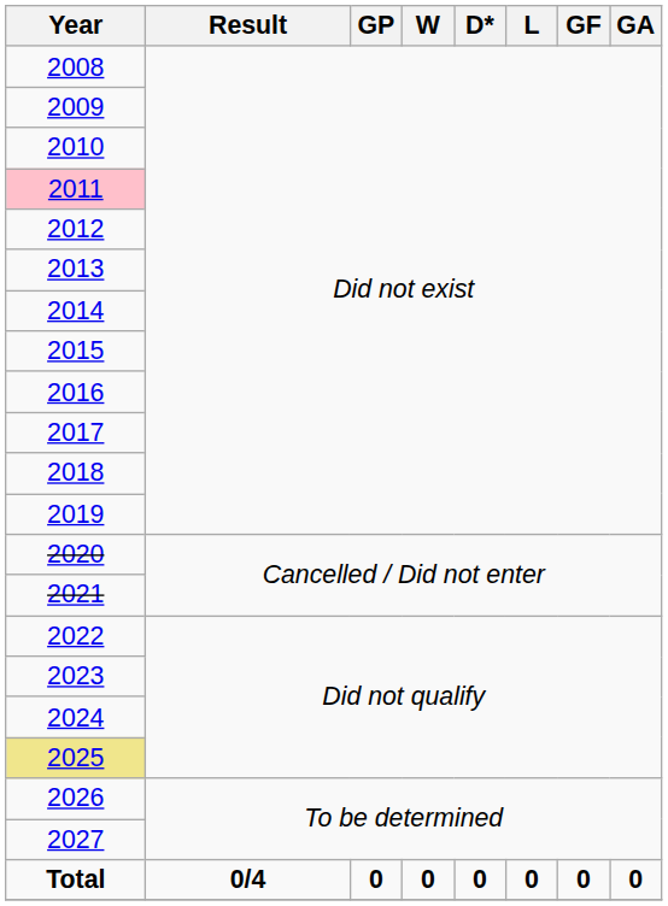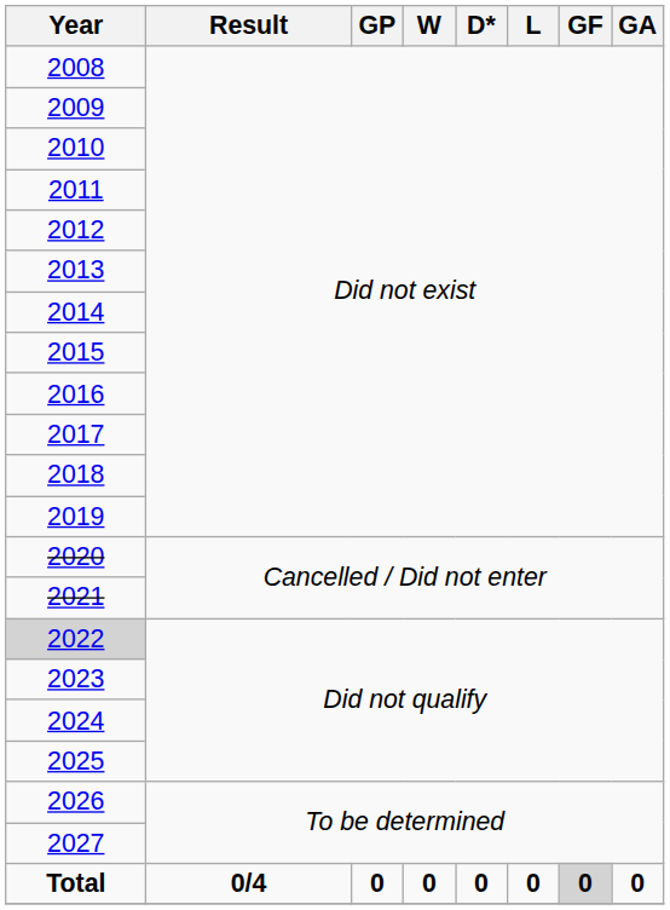 <table class="wikitable" style="text-align: center;">
 <tr>
 <th width=80>Year</th>
 <th width=120>Result</th>
 <th width=25>GP</th>
 <th width=25>W</th>
 <th width=25>D*</th>
 <th width=25>L</th>
 <th width=25>GF</th>
 <th width=25>GA</th>
 </tr>
 <tr>
 <td> <a href='#'>2008</a></td>
 <td colspan=7 rowspan=12><em>Did not exist</em></td>
 </tr>
 <tr>
 <td> <a href='#'>2009</a></td>
 </tr>
 <tr>
 <td> <a href='#'>2010</a></td>
 </tr>
 <tr>
-<td style="background: pink;"> <a href='#'>2011</a></td>
+<td> <a href='#'>2011</a></td>
 </tr>
 <tr>
 <td> <a href='#'>2012</a></td>
 </tr>
 <tr>
 <td> <a href='#'>2013</a></td>
 </tr>
 <tr>
 <td> <a href='#'>2014</a></td>
 </tr>
 <tr>
 <td> <a href='#'>2015</a></td>
 </tr>
 <tr>
 <td> <a href='#'>2016</a></td>
 </tr>
 <tr>
 <td> <a href='#'>2017</a></td>
 </tr>
 <tr>
 <td> <a href='#'>2018</a></td>
 </tr>
 <tr>
 <td> <a href='#'>2019</a></td>
 </tr>
 <tr>
 <td> <s><a href='#'>2020</a></s></td>
 <td colspan=7 rowspan=2><em>Cancelled / Did not enter</em></td>
 </tr>
 <tr>
 <td> <s><a href='#'>2021</a></s></td>
 </tr>
 <tr>
-<td> <a href='#'>2022</a></td>
+<td style="background: lightgrey;"> <a href='#'>2022</a></td>
 <td colspan=7 rowspan=4><em>Did not qualify</em></td>
 </tr>
 <tr>
 <td> <a href='#'>2023</a></td>
 </tr>
 <tr>
 <td> <a href='#'>2024</a></td>
 </tr>
 <tr>
-<td style="background: khaki;"> <a href='#'>2025</a></td>
+<td> <a href='#'>2025</a></td>
 </tr>
 <tr>
 <td> <a href='#'>2026</a></td>
 <td colspan=8 rowspan=2><em>To be determined</em></td>
 </tr>
 <tr>
 <td> <a href='#'>2027</a></td>
 </tr>
 <tr>
 <td><strong>Total</strong></td>
 <td><strong>0/4</strong></td>
 <td><strong>0</strong></td>
 <td><strong>0</strong></td>
 <td><strong>0</strong></td>
 <td><strong>0</strong></td>
-<td><strong>0</strong></td>
+<td style="background: lightgrey;"><strong>0</strong></td>
 <td><strong>0</strong></td>
 </tr>
 <tr>
 </tr>
 </table>
